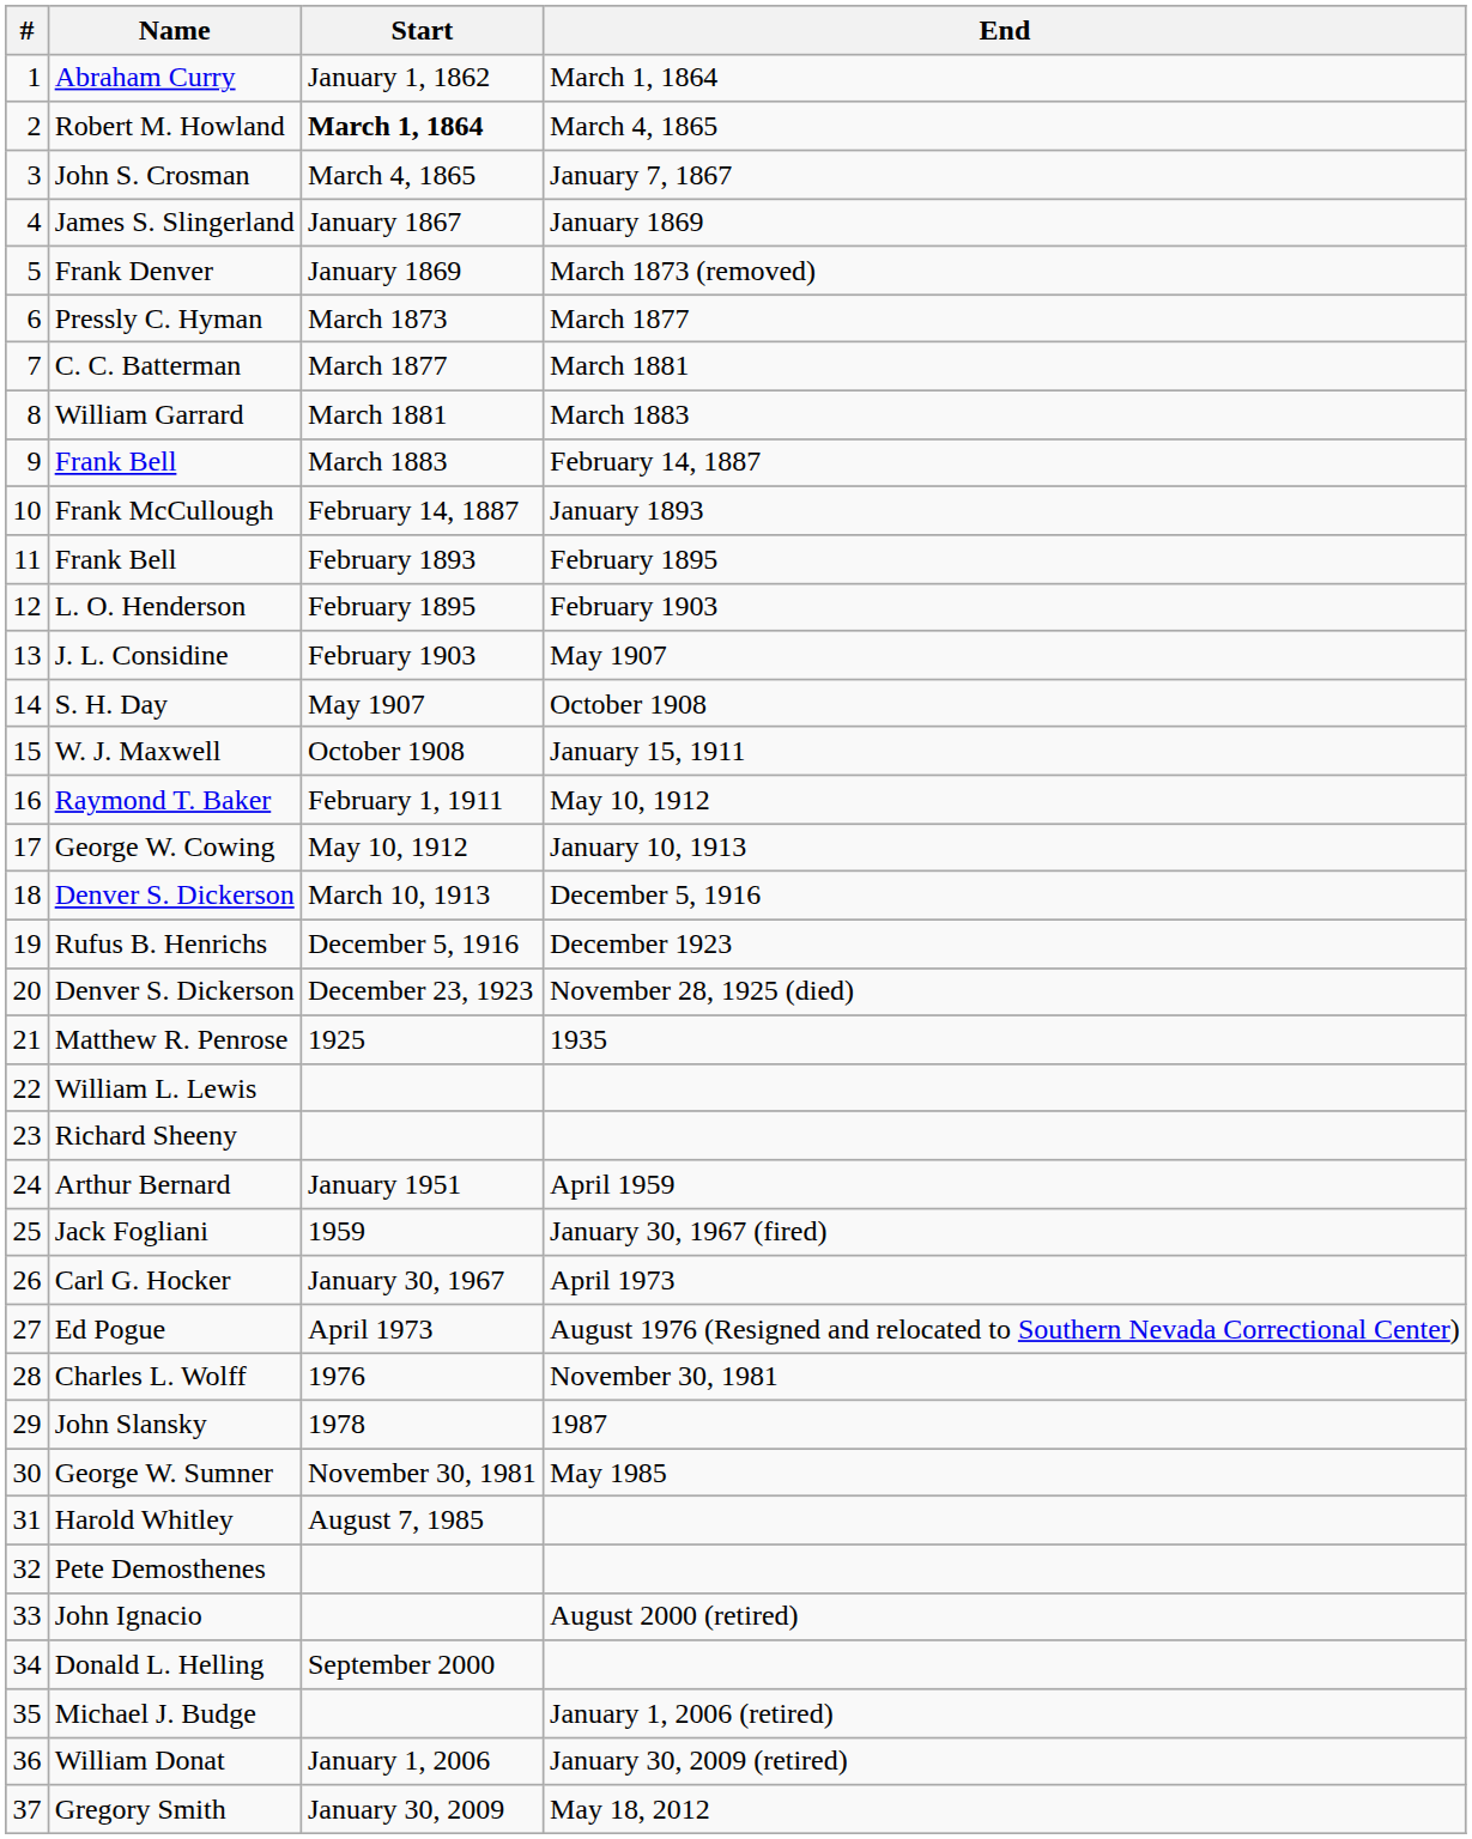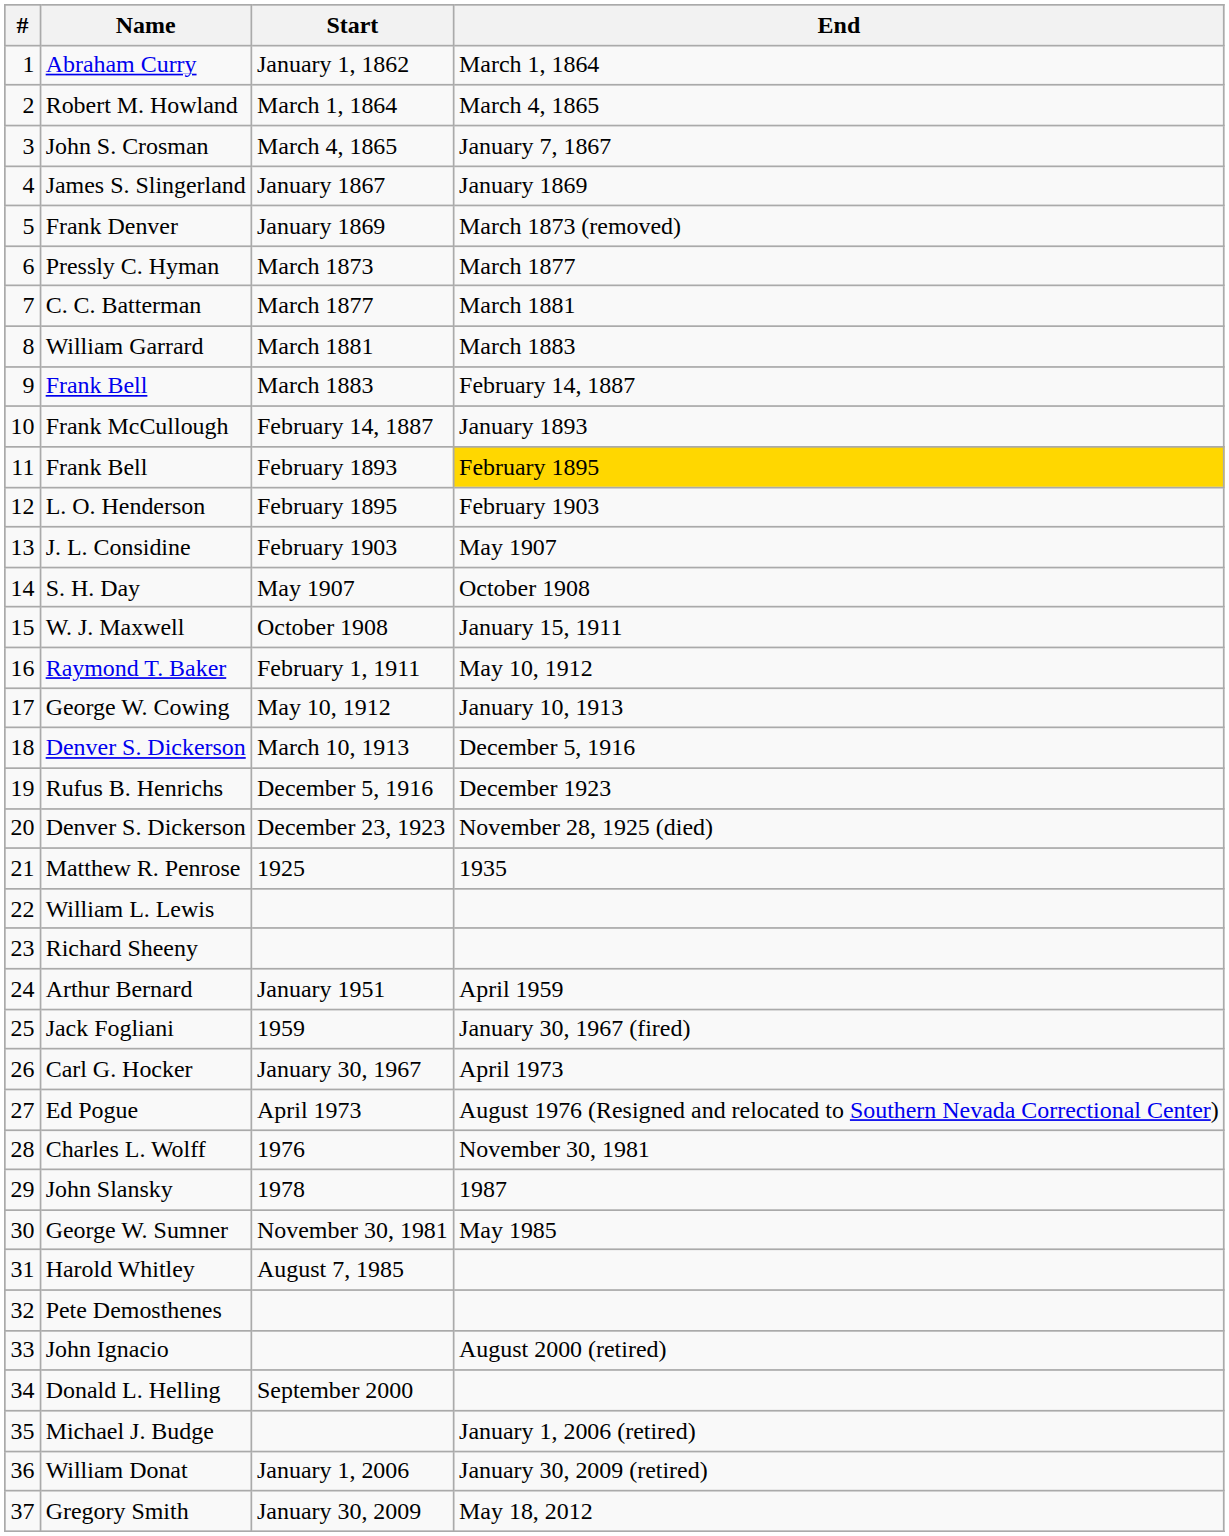 <table class="wikitable sortable"  style="font-size:88%">
 <tr>
 <th>#</th>
 <th>Name</th>
 <th>Start</th>
 <th>End</th>
 </tr>
 <tr>
 <td align="right">1</td>
 <td><a href='#'>Abraham Curry</a></td>
 <td>January 1, 1862</td>
 <td>March 1, 1864</td>
 </tr>
 <tr>
 <td align="right">2</td>
 <td>Robert M. Howland</td>
-<td><strong>March 1, 1864</strong></td>
+<td>March 1, 1864</td>
 <td>March 4, 1865</td>
 </tr>
 <tr>
 <td align="right">3</td>
 <td>John S. Crosman</td>
 <td>March 4, 1865</td>
 <td>January 7, 1867</td>
 </tr>
 <tr>
 <td align="right">4</td>
 <td>James S. Slingerland</td>
 <td>January 1867</td>
 <td>January 1869</td>
 </tr>
 <tr>
 <td align="right">5</td>
 <td>Frank Denver</td>
 <td>January 1869</td>
 <td>March 1873 (removed)</td>
 </tr>
 <tr>
 <td align="right">6</td>
 <td>Pressly C. Hyman</td>
 <td>March 1873</td>
 <td>March 1877</td>
 </tr>
 <tr>
 <td align="right">7</td>
 <td>C. C. Batterman</td>
 <td>March 1877</td>
 <td>March 1881</td>
 </tr>
 <tr>
 <td align="right">8</td>
 <td>William Garrard</td>
 <td>March 1881</td>
 <td>March 1883</td>
 </tr>
 <tr>
 <td align="right">9</td>
 <td><a href='#'>Frank Bell</a></td>
 <td>March 1883</td>
 <td>February 14, 1887</td>
 </tr>
 <tr>
 <td align="right">10</td>
 <td>Frank McCullough</td>
 <td>February 14, 1887</td>
 <td>January 1893</td>
 </tr>
 <tr>
 <td align="right">11</td>
 <td>Frank Bell</td>
 <td>February 1893</td>
-<td>February 1895</td>
+<td style="background: gold;">February 1895</td>
 </tr>
 <tr>
 <td align="right">12</td>
 <td>L. O. Henderson</td>
 <td>February 1895</td>
 <td>February 1903</td>
 </tr>
 <tr>
 <td align="right">13</td>
 <td>J. L. Considine</td>
 <td>February 1903</td>
 <td>May 1907</td>
 </tr>
 <tr>
 <td align="right">14</td>
 <td>S. H. Day</td>
 <td>May 1907</td>
 <td>October 1908</td>
 </tr>
 <tr>
 <td align="right">15</td>
 <td>W. J. Maxwell</td>
 <td>October 1908</td>
 <td>January 15, 1911</td>
 </tr>
 <tr>
 <td align="right">16</td>
 <td><a href='#'>Raymond T. Baker</a></td>
 <td>February 1, 1911</td>
 <td>May 10, 1912</td>
 </tr>
 <tr>
 <td align="right">17</td>
 <td>George W. Cowing</td>
 <td>May 10, 1912</td>
 <td>January 10, 1913</td>
 </tr>
 <tr>
 <td align="right">18</td>
 <td><a href='#'>Denver S. Dickerson</a></td>
 <td>March 10, 1913</td>
 <td>December 5, 1916</td>
 </tr>
 <tr>
 <td align="right">19</td>
 <td>Rufus B. Henrichs</td>
 <td>December 5, 1916</td>
 <td>December 1923</td>
 </tr>
 <tr>
 <td align="right">20</td>
 <td>Denver S. Dickerson</td>
 <td>December 23, 1923</td>
 <td>November 28, 1925 (died)</td>
 </tr>
 <tr 21>
 <td align="right">21</td>
 <td>Matthew R. Penrose</td>
 <td>1925</td>
 <td>1935</td>
 </tr>
 <tr>
 <td align="right">22</td>
 <td>William L. Lewis</td>
 <td></td>
 <td></td>
 </tr>
 <tr>
 <td align="right">23</td>
 <td>Richard Sheeny</td>
 <td></td>
 <td></td>
 </tr>
 <tr>
 <td align="right">24</td>
 <td>Arthur Bernard</td>
 <td>January 1951</td>
 <td>April 1959</td>
 </tr>
 <tr>
 <td align="right">25</td>
 <td>Jack Fogliani</td>
 <td>1959</td>
 <td>January 30, 1967 (fired)</td>
 </tr>
 <tr>
 <td align="right">26</td>
 <td>Carl G. Hocker</td>
 <td>January 30, 1967</td>
 <td>April 1973</td>
 </tr>
 <tr>
 <td align="right">27</td>
 <td>Ed Pogue</td>
 <td>April 1973</td>
 <td>August 1976 (Resigned and relocated to <a href='#'>Southern Nevada Correctional Center</a>)</td>
 </tr>
 <tr>
 <td align="right">28</td>
 <td>Charles L. Wolff</td>
 <td>1976</td>
 <td>November 30, 1981</td>
 </tr>
 <tr>
 <td align="right">29</td>
 <td>John Slansky</td>
 <td>1978</td>
 <td>1987</td>
 </tr>
 <tr>
 <td align="right">30</td>
 <td>George W. Sumner</td>
 <td>November 30, 1981</td>
 <td>May 1985</td>
 </tr>
 <tr>
 <td align="right">31</td>
 <td>Harold Whitley</td>
 <td>August 7, 1985</td>
 <td></td>
 </tr>
 <tr>
 <td align="right">32</td>
 <td>Pete Demosthenes</td>
 <td></td>
 <td></td>
 </tr>
 <tr>
 <td align="right">33</td>
 <td>John Ignacio</td>
 <td></td>
 <td>August 2000 (retired)</td>
 </tr>
 <tr>
 <td align="right">34</td>
 <td>Donald L. Helling</td>
 <td>September 2000</td>
 <td></td>
 </tr>
 <tr>
 <td align="right">35</td>
 <td>Michael J. Budge</td>
 <td></td>
 <td>January 1, 2006 (retired)</td>
 </tr>
 <tr>
 <td align="right">36</td>
 <td>William Donat</td>
 <td>January 1, 2006</td>
 <td>January 30, 2009 (retired)</td>
 </tr>
 <tr>
 <td align="right">37</td>
 <td>Gregory Smith</td>
 <td>January 30, 2009</td>
 <td>May 18, 2012</td>
 </tr>
 <tr>
 </tr>
 </table>
